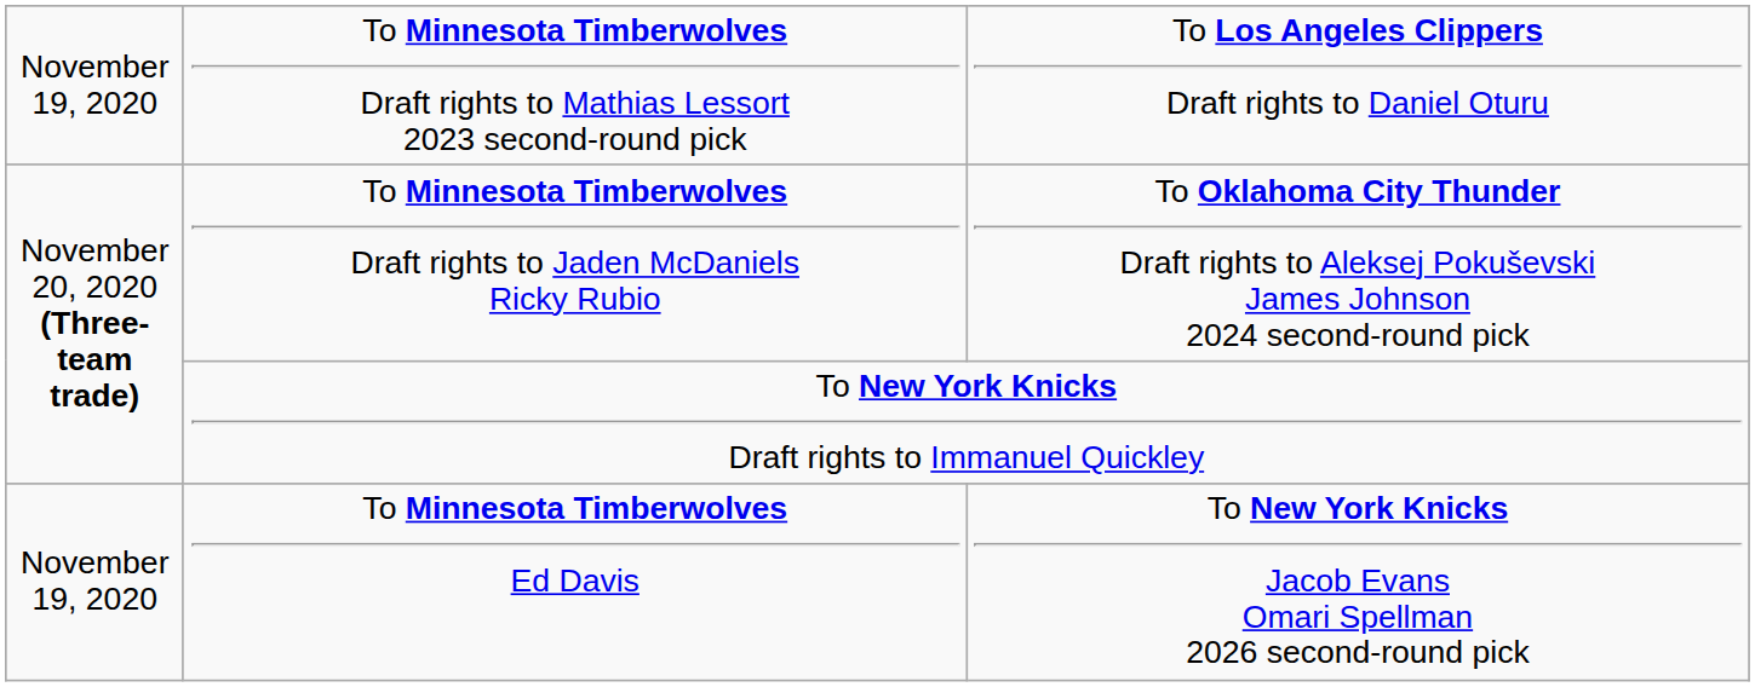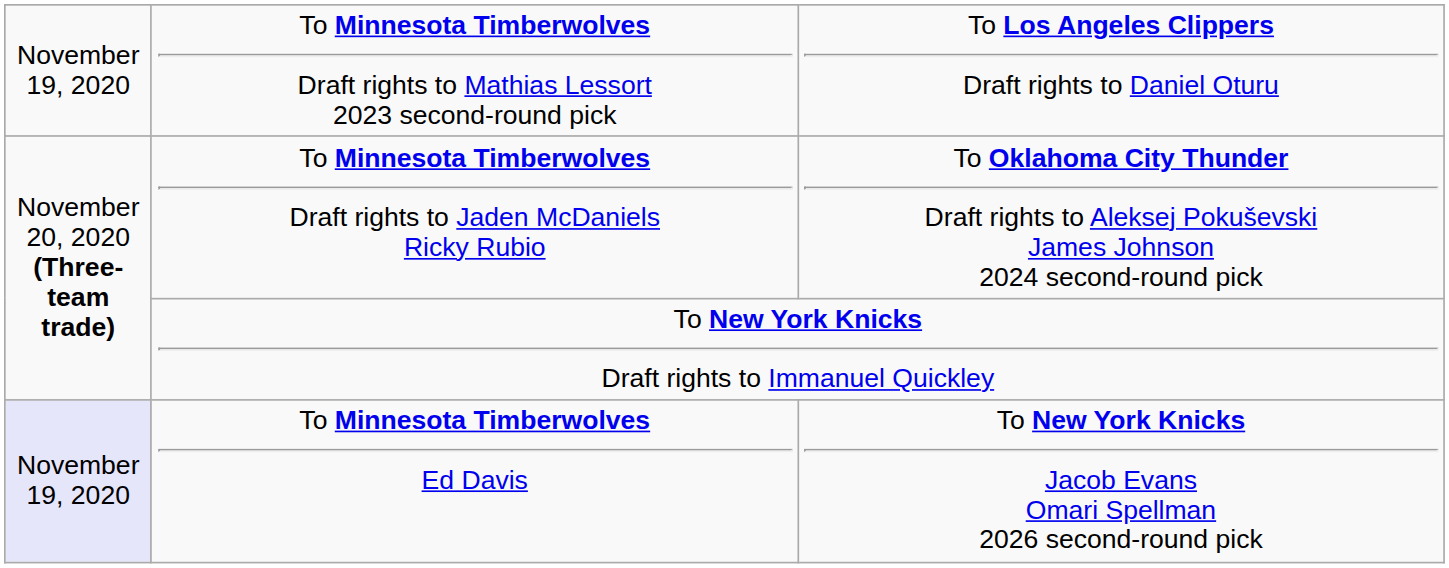 <table class="wikitable sortable sortable" style="text-align: center">
 <tr>
 <td style="width:10%">November 19, 2020</td>
 <td style="width:31%; vertical-align:top;">To <strong><a href='#'>Minnesota Timberwolves</a></strong><hr>Draft rights to <a href='#'>Mathias Lessort</a><br>2023 second-round pick</td>
 <td style="width:31%; vertical-align:top;">To <strong><a href='#'>Los Angeles Clippers</a></strong><hr>Draft rights to <a href='#'>Daniel Oturu</a></td>
 </tr>
 <tr>
 <td style="width:10%" rowspan=2>November 20, 2020<br><strong>(Three-team trade)</strong></td>
 <td style="width:44%; vertical-align:top;">To <strong><a href='#'>Minnesota Timberwolves</a></strong><hr>Draft rights to <a href='#'>Jaden McDaniels</a><br><a href='#'>Ricky Rubio</a></td>
 <td style="width:44%; vertical-align:top;">To <strong><a href='#'>Oklahoma City Thunder</a></strong><hr>Draft rights to <a href='#'>Aleksej Pokuševski</a><br><a href='#'>James Johnson</a><br>2024 second-round pick</td>
 </tr>
 <tr>
 <td colspan="3">To <strong><a href='#'>New York Knicks</a></strong><hr>Draft rights to <a href='#'>Immanuel Quickley</a></td>
 </tr>
 <tr>
-<td style="width:10%">November 19, 2020</td>
+<td style="background: lavender; width:10%">November 19, 2020</td>
 <td style="width:31%; vertical-align:top;">To <strong><a href='#'>Minnesota Timberwolves</a></strong><hr><a href='#'>Ed Davis</a></td>
 <td style="width:31%; vertical-align:top;">To <strong><a href='#'>New York Knicks</a></strong><hr><a href='#'>Jacob Evans</a><br><a href='#'>Omari Spellman</a><br>2026 second-round pick</td>
 </tr>
 </table>
